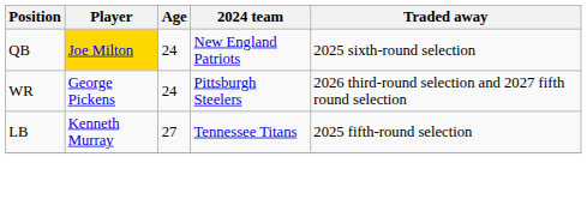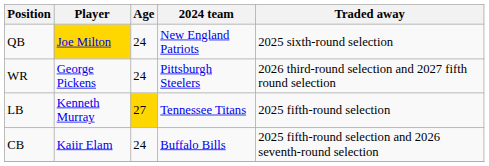 <table class="wikitable">
 <tr>
 <th>Position</th>
 <th>Player</th>
 <th>Age</th>
 <th>2024 team</th>
 <th>Traded away</th>
 </tr>
 <tr>
 <td>QB</td>
 <td style="background: gold;"><a href='#'>Joe Milton</a></td>
 <td>24</td>
 <td><a href='#'>New England Patriots</a></td>
 <td>2025 sixth-round selection</td>
 </tr>
 <tr>
 <td>WR</td>
 <td><a href='#'>George Pickens</a></td>
 <td>24</td>
 <td><a href='#'>Pittsburgh Steelers</a></td>
 <td>2026 third-round selection and 2027 fifth round selection</td>
 </tr>
 <tr>
 <td>LB</td>
 <td><a href='#'>Kenneth Murray</a></td>
-<td>27</td>
+<td style="background: gold;">27</td>
 <td><a href='#'>Tennessee Titans</a></td>
 <td>2025 fifth-round selection</td>
 </tr>
 <tr>
+<td>CB</td>
+<td><a href='#'>Kaiir Elam</a></td>
+<td>24</td>
+<td><a href='#'>Buffalo Bills</a></td>
+<td>2025 fifth-round selection and 2026 seventh-round selection</td>
+</tr>
+<tr>
 </tr>
 </table>
